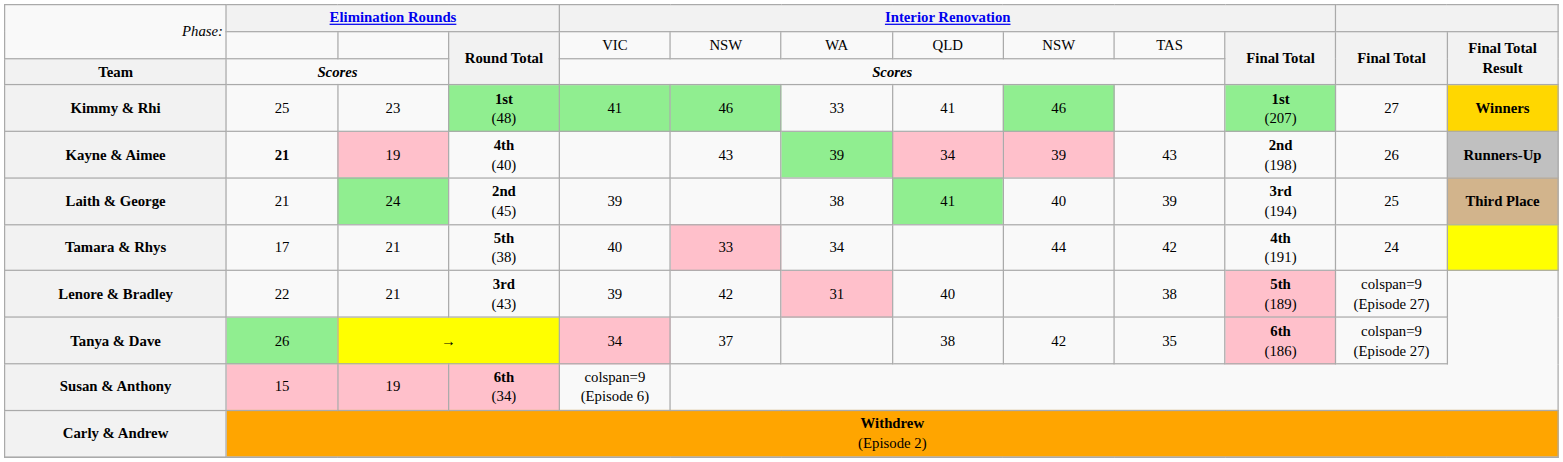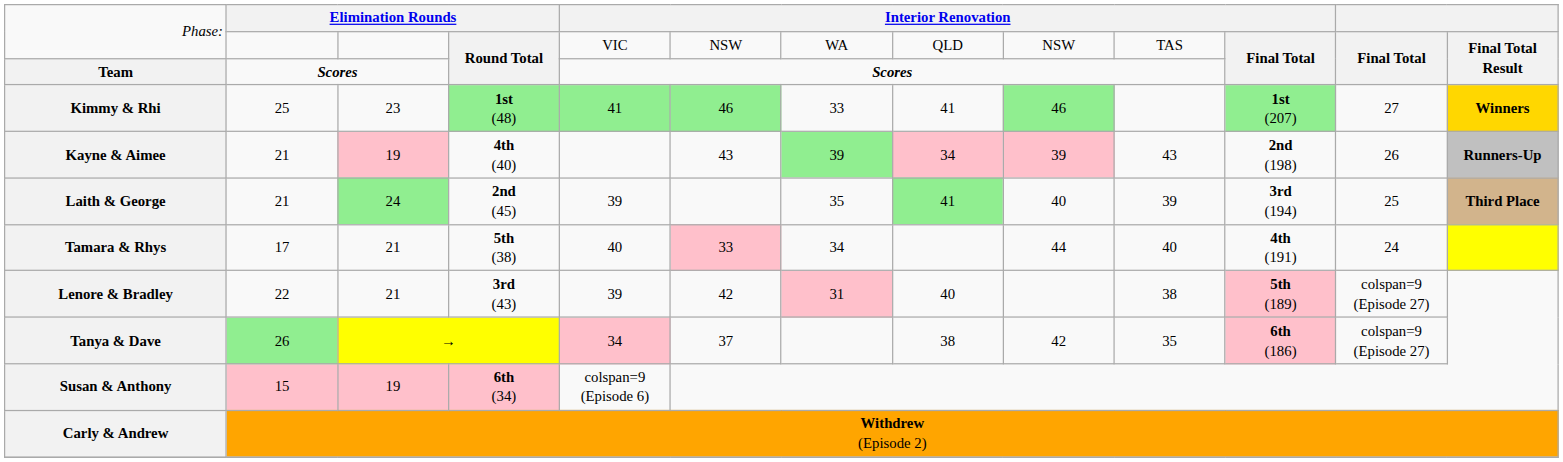 <table class="wikitable" style="text-align: center; font-size: 9pt; line-height:16px; width:100%">
 <tr>
 <td rowspan=2 style="width:10%; text-align:right;"><em>Phase:</em></td>
 <th colspan=3><a href='#'>Elimination Rounds</a></th>
 <th colspan="7"><a href='#'>Interior Renovation</a></th>
 <th colspan=2></th>
 </tr>
 <tr>
 <td style="width:5%;"></td>
 <td style="width:5%;"></td>
 <th rowspan=2 style="width:5%;">Round Total </th>
 <td style="width:5%;">VIC</td>
 <td style="width:5%;">NSW</td>
 <td style="width:5%;">WA</td>
 <td style="width:5%;">QLD</td>
 <td style="width:5%;">NSW</td>
 <td style="width:5%;">TAS</td>
 <th rowspan=2 style="width:5%;">Final Total </th>
 <th rowspan=2 style="width:5%;">Final Total </th>
 <th rowspan=2 style="width:5%;">Final Total Result</th>
 </tr>
 <tr>
 <th>Team</th>
 <td colspan="2"><strong><em>Scores</em></strong></td>
 <td colspan="6"><strong><em>Scores</em></strong></td>
 </tr>
 <tr>
 <th style="font-size: 9pt">Kimmy & Rhi</th>
 <td>25</td>
 <td>23</td>
 <td style="background:lightgreen"><strong>1st</strong><br>(48)</td>
 <td style="background:lightgreen">41</td>
 <td style="background:lightgreen">46</td>
 <td>33</td>
 <td>41</td>
 <td style="background:lightgreen">46</td>
 <td></td>
 <td style="background:lightgreen"><strong>1st</strong><br>(207)</td>
 <td>27</td>
 <td style="background:gold"><strong> Winners </strong></td>
 </tr>
 <tr>
 <th style="font-size: 9pt">Kayne & Aimee</th>
-<td><strong>21</strong></td>
+<td>21</td>
 <td style="background:pink">19</td>
 <td><strong>4th</strong><br>(40)</td>
 <td></td>
 <td>43</td>
 <td style="background:lightgreen">39</td>
 <td style="background:pink">34</td>
 <td style="background:pink">39</td>
 <td>43</td>
 <td><strong>2nd</strong><br>(198)</td>
 <td>26</td>
 <td style="background:silver"><strong> Runners-Up </strong></td>
 </tr>
 <tr>
 <th style="font-size: 9pt">Laith & George</th>
 <td>21</td>
 <td style="background:lightgreen">24</td>
 <td><strong>2nd</strong><br>(45)</td>
 <td>39</td>
 <td></td>
-<td>38</td>
+<td>35</td>
 <td style="background:lightgreen">41</td>
 <td>40</td>
 <td>39</td>
 <td><strong>3rd</strong><br>(194)</td>
 <td>25</td>
 <td style="background:tan"><strong> Third Place </strong></td>
 </tr>
 <tr>
 <th style="font-size: 9pt">Tamara & Rhys</th>
 <td>17</td>
 <td>21</td>
 <td><strong>5th</strong><br>(38)</td>
 <td>40</td>
 <td style="background:pink">33</td>
 <td>34</td>
 <td></td>
 <td>44</td>
-<td>42</td>
+<td>40</td>
 <td><strong>4th</strong><br>(191)</td>
 <td>24</td>
 <td style="background:yellow"></td>
 </tr>
 <tr>
 <th style="font-size: 9pt">Lenore & Bradley</th>
 <td>22</td>
 <td>21</td>
 <td><strong>3rd</strong><br>(43)</td>
 <td>39</td>
 <td>42</td>
 <td style="background:pink">31</td>
 <td>40</td>
 <td></td>
 <td>38</td>
 <td style="background:pink"><strong>5th</strong><br>(189)</td>
 <td>colspan=9 <br>(Episode 27)</td>
 </tr>
 <tr>
 <th style="font-size: 9pt">Tanya & Dave</th>
 <td style="background:lightgreen">26</td>
 <td colspan=2 style="background:yellow">→</td>
 <td style="background:pink">34</td>
 <td>37</td>
 <td></td>
 <td>38</td>
 <td>42</td>
 <td>35</td>
 <td style="background:pink"><strong>6th</strong><br>(186)</td>
 <td>colspan=9 <br>(Episode 27)</td>
 </tr>
 <tr>
 <th style="font-size: 9pt">Susan & Anthony</th>
 <td style="background:pink">15</td>
 <td style="background:pink">19</td>
 <td style="background:pink"><strong>6th</strong><br>(34)</td>
 <td>colspan=9 <br>(Episode 6)</td>
 </tr>
 <tr>
 <th style="font-size: 9pt">Carly & Andrew</th>
 <td colspan=13 style="background:orange"><strong>Withdrew</strong><br>(Episode 2)</td>
 </tr>
 <tr>
 </tr>
 </table>
